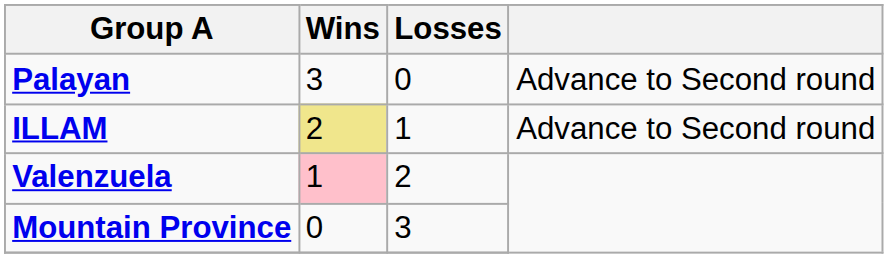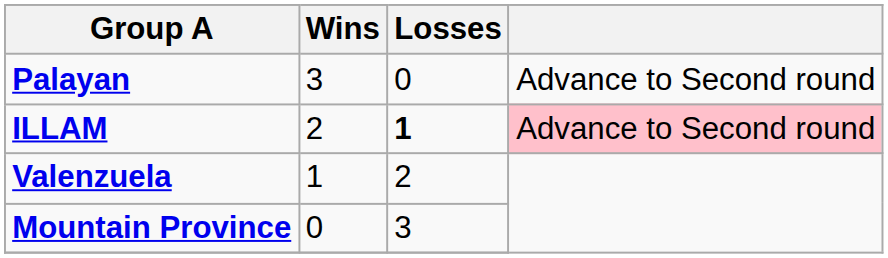 <table class="wikitable">
 <tr align=center>
 <th>Group A</th>
 <th>Wins</th>
 <th>Losses</th>
 <th></th>
 </tr>
 <tr>
 <td><strong><a href='#'>Palayan</a></strong></td>
 <td>3</td>
 <td>0</td>
 <td>Advance to Second round</td>
 </tr>
 <tr>
 <td><strong><a href='#'>ILLAM</a></strong></td>
-<td style="background: khaki;">2</td>
-<td>1</td>
-<td>Advance to Second round</td>
+<td>2</td>
+<td><strong>1</strong></td>
+<td style="background: pink;">Advance to Second round</td>
 </tr>
 <tr>
 <td><strong><a href='#'>Valenzuela</a></strong></td>
-<td style="background: pink;">1</td>
+<td>1</td>
 <td>2</td>
 </tr>
 <tr>
 <td><strong><a href='#'>Mountain Province</a></strong></td>
 <td>0</td>
 <td>3</td>
 </tr>
 <tr>
 </tr>
 </table>
